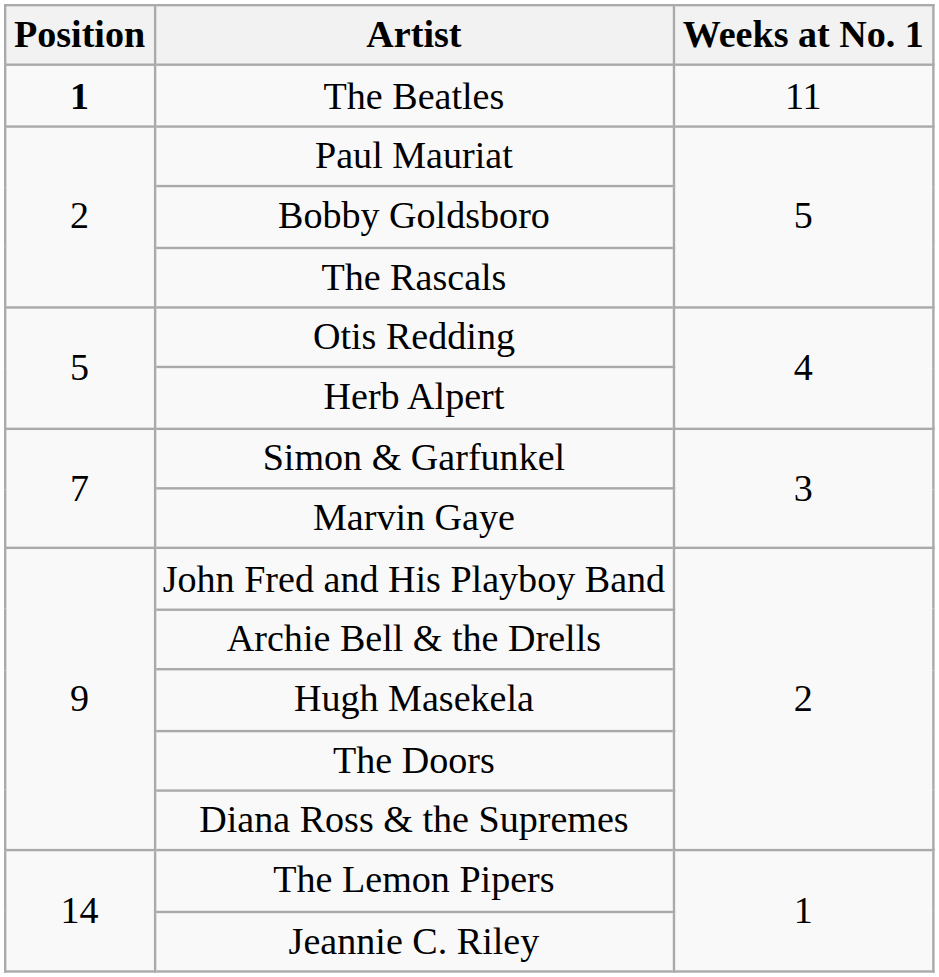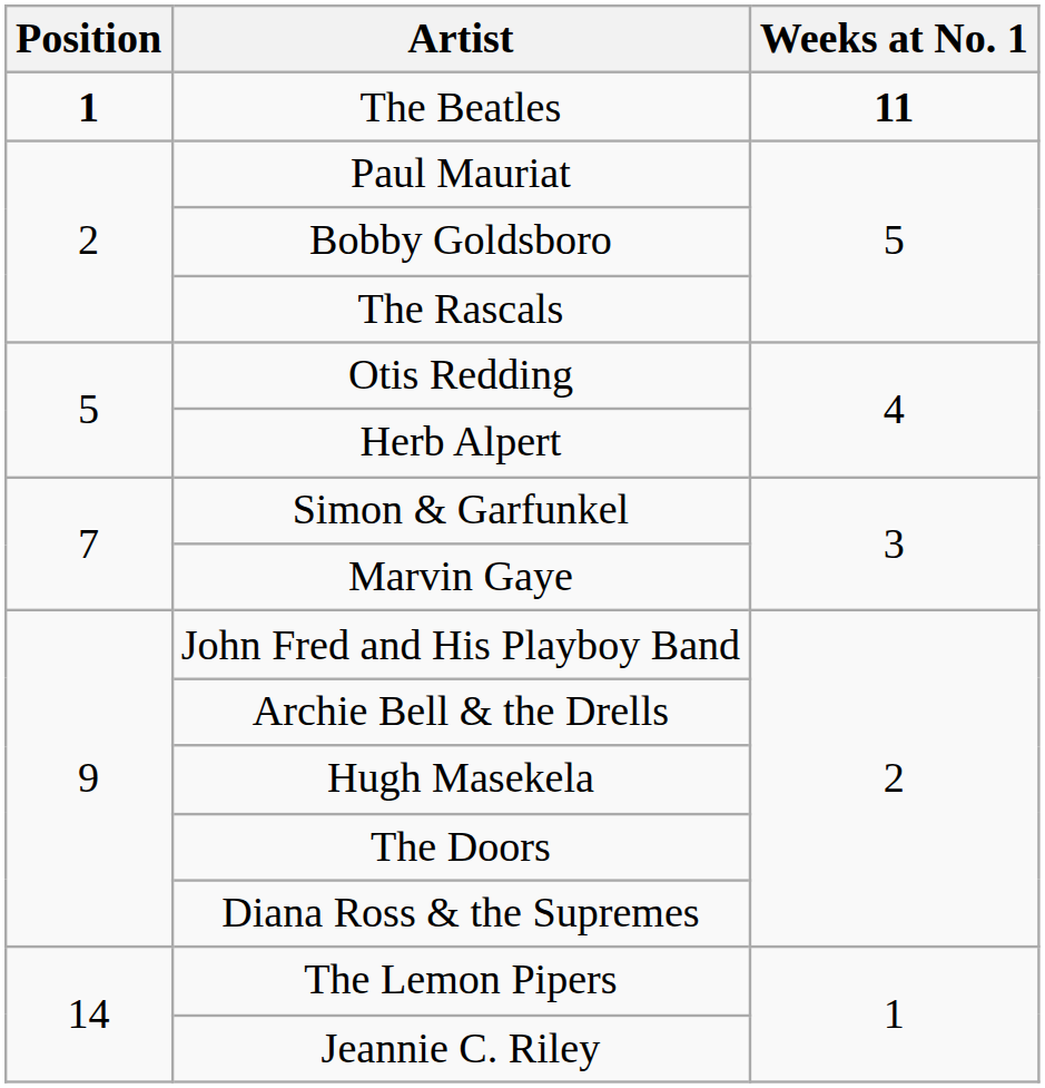 <table class="wikitable plainrowheaders" style="text-align:center;">
 <tr>
 <th>Position</th>
 <th>Artist</th>
 <th>Weeks at No. 1</th>
 </tr>
 <tr>
 <td><strong>1</strong></td>
 <td>The Beatles</td>
-<td>11</td>
+<td><strong>11</strong></td>
 </tr>
 <tr>
 <td rowspan=3>2</td>
 <td>Paul Mauriat</td>
 <td rowspan=3>5</td>
 </tr>
 <tr>
 <td>Bobby Goldsboro</td>
 </tr>
 <tr>
 <td>The Rascals</td>
 </tr>
 <tr>
 <td rowspan=2>5</td>
 <td>Otis Redding</td>
 <td rowspan=2>4</td>
 </tr>
 <tr>
 <td>Herb Alpert</td>
 </tr>
 <tr>
 <td rowspan=2>7</td>
 <td>Simon & Garfunkel</td>
 <td rowspan=2>3</td>
 </tr>
 <tr>
 <td>Marvin Gaye</td>
 </tr>
 <tr>
 <td rowspan=5>9</td>
 <td>John Fred and His Playboy Band</td>
 <td rowspan=5>2</td>
 </tr>
 <tr>
 <td>Archie Bell & the Drells</td>
 </tr>
 <tr>
 <td>Hugh Masekela</td>
 </tr>
 <tr>
 <td>The Doors</td>
 </tr>
 <tr>
 <td>Diana Ross & the Supremes</td>
 </tr>
 <tr>
 <td rowspan=2>14</td>
 <td>The Lemon Pipers</td>
 <td rowspan=2>1</td>
 </tr>
 <tr>
 <td>Jeannie C. Riley</td>
 </tr>
 </table>
